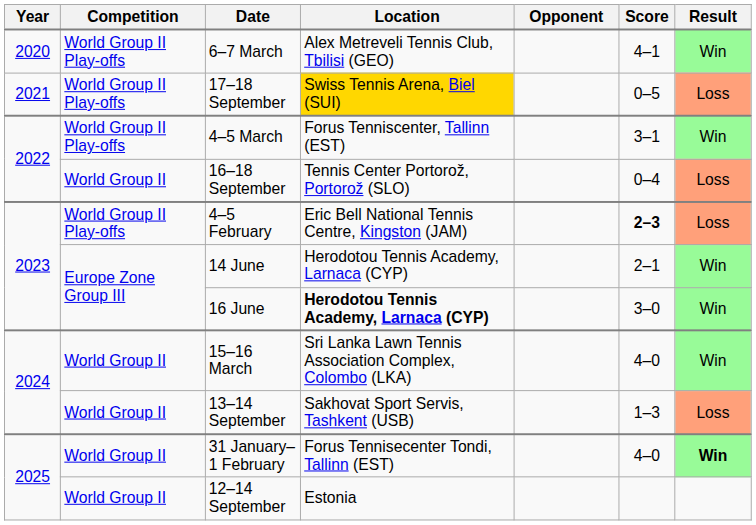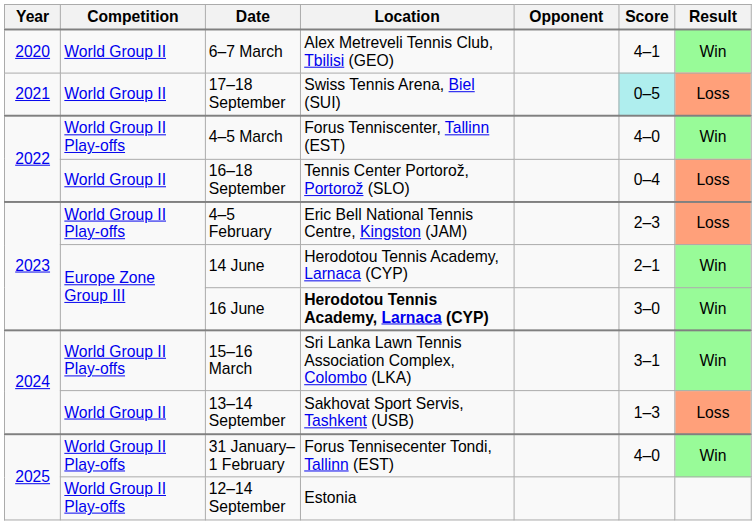 <table class="wikitable">
 <tr>
 <th width="50">Year</th>
 <th width="140">Competition</th>
 <th width="90">Date</th>
 <th width="210">Location</th>
 <th width="100">Opponent</th>
 <th width="50">Score</th>
 <th width="70">Result</th>
 </tr>
 <tr style="border-top:2px solid gray;">
 <td align="center"><a href='#'>2020</a></td>
-<td><a href='#'>World Group II Play-offs</a></td>
+<td><a href='#'>World Group II</a></td>
 <td>6–7 March</td>
 <td>Alex Metreveli Tennis Club, <a href='#'>Tbilisi</a> (GEO)</td>
 <td></td>
 <td align="center">4–1</td>
 <td align="center" bgcolor="#98FB98">Win</td>
 </tr>
 <tr>
 <td align="center"><a href='#'>2021</a></td>
-<td><a href='#'>World Group II Play-offs</a></td>
+<td><a href='#'>World Group II</a></td>
 <td>17–18 September</td>
-<td style="background: gold;">Swiss Tennis Arena, <a href='#'>Biel</a> (SUI)</td>
+<td>Swiss Tennis Arena, <a href='#'>Biel</a> (SUI)</td>
 <td></td>
-<td align="center">0–5</td>
+<td align="center" style="background: paleturquoise;">0–5</td>
 <td align="center" bgcolor="#FFA07A">Loss</td>
 </tr>
 <tr style="border-top:2px solid gray;">
 <td align="center" rowspan="2"><a href='#'>2022</a></td>
 <td><a href='#'>World Group II Play-offs</a></td>
 <td>4–5 March</td>
 <td>Forus Tenniscenter, <a href='#'>Tallinn</a> (EST)</td>
 <td></td>
-<td align="center">3–1</td>
+<td align="center">4–0</td>
 <td align="center" bgcolor="#98FB98">Win</td>
 </tr>
 <tr>
 <td><a href='#'>World Group II</a></td>
 <td>16–18 September</td>
 <td>Tennis Center Portorož, <a href='#'>Portorož</a> (SLO)</td>
 <td></td>
 <td align="center">0–4</td>
 <td align="center" bgcolor="#FFA07A">Loss</td>
 </tr>
 <tr style="border-top:2px solid gray;">
 <td align="center" rowspan="3"><a href='#'>2023</a></td>
 <td><a href='#'>World Group II Play-offs</a></td>
 <td>4–5 February</td>
 <td>Eric Bell National Tennis Centre, <a href='#'>Kingston</a> (JAM)</td>
 <td></td>
-<td align="center"><strong>2–3</strong></td>
+<td align="center">2–3</td>
 <td align="center" bgcolor="#FFA07A">Loss</td>
 </tr>
 <tr>
 <td rowspan="2"><a href='#'>Europe Zone Group III</a></td>
 <td>14 June</td>
 <td>Herodotou Tennis Academy, <a href='#'>Larnaca</a> (CYP)</td>
 <td></td>
 <td align="center">2–1</td>
 <td align="center" bgcolor="#98FB98">Win</td>
 </tr>
 <tr>
 <td>16 June</td>
 <td><strong>Herodotou Tennis Academy, <a href='#'>Larnaca</a> (CYP)</strong></td>
 <td></td>
 <td align="center">3–0</td>
 <td align="center" bgcolor="#98FB98">Win</td>
 </tr>
 <tr style="border-top:2px solid gray;">
 <td align="center" rowspan="2"><a href='#'>2024</a></td>
-<td><a href='#'>World Group II</a></td>
+<td><a href='#'>World Group II Play-offs</a></td>
 <td>15–16 March</td>
 <td>Sri Lanka Lawn Tennis Association Complex, <a href='#'>Colombo</a> (LKA)</td>
 <td></td>
-<td align="center">4–0</td>
+<td align="center">3–1</td>
 <td align="center" bgcolor="#98FB98">Win</td>
 </tr>
 <tr>
 <td><a href='#'>World Group II</a></td>
 <td>13–14 September</td>
 <td>Sakhovat Sport Servis, <a href='#'>Tashkent</a> (USB)</td>
 <td></td>
 <td align="center">1–3</td>
 <td align="center" bgcolor="#FFA07A">Loss</td>
 </tr>
 <tr style="border-top:2px solid gray;">
 <td align="center" rowspan="2"><a href='#'>2025</a></td>
-<td><a href='#'>World Group II</a></td>
+<td><a href='#'>World Group II Play-offs</a></td>
 <td>31 January–1 February</td>
 <td>Forus Tennisecenter Tondi, <a href='#'>Tallinn</a> (EST)</td>
 <td></td>
 <td align="center">4–0</td>
-<td align="center" bgcolor="#98FB98"><strong>Win</strong></td>
+<td align="center" bgcolor="#98FB98">Win</td>
 </tr>
 <tr>
-<td><a href='#'>World Group II</a></td>
+<td><a href='#'>World Group II Play-offs</a></td>
 <td>12–14 September</td>
 <td>Estonia</td>
 <td></td>
 <td></td>
 <td></td>
 </tr>
 </table>
